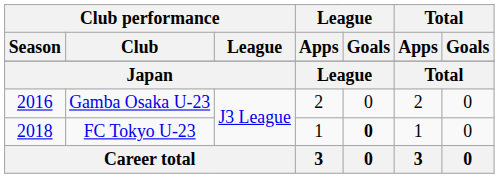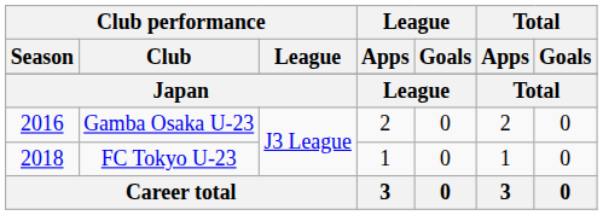 <table class="wikitable" style="text-align:center">
 <tr>
 <th colspan=3>Club performance</th>
 <th colspan=2>League</th>
 <th colspan=2>Total</th>
 </tr>
 <tr>
 <th>Season</th>
 <th>Club</th>
 <th>League</th>
 <th>Apps</th>
 <th>Goals</th>
 <th>Apps</th>
 <th>Goals</th>
 </tr>
 <tr>
 </tr>
 <tr>
 <th colspan=3>Japan</th>
 <th colspan=2>League</th>
 <th colspan=2>Total</th>
 </tr>
 <tr>
 <td><a href='#'>2016</a></td>
 <td><a href='#'>Gamba Osaka U-23</a></td>
 <td rowspan="2"><a href='#'>J3 League</a></td>
 <td>2</td>
 <td>0</td>
 <td>2</td>
 <td>0</td>
 </tr>
 <tr>
 <td><a href='#'>2018</a></td>
 <td rowspan="1"><a href='#'>FC Tokyo U-23</a></td>
 <td>1</td>
-<td><strong>0</strong></td>
+<td>0</td>
 <td>1</td>
 <td>0</td>
 </tr>
 <tr>
 <th colspan=3>Career total</th>
 <th>3</th>
 <th>0</th>
 <th>3</th>
 <th>0</th>
 </tr>
 </table>
